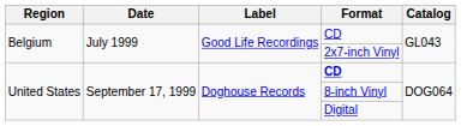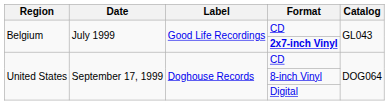 <table class="wikitable" summary="As Friends Rust has been released several times since 1999 across a variety of media and markets">
 <tr>
 <th scope="col">Region</th>
 <th scope="col">Date</th>
 <th scope="col">Label</th>
 <th scope="col">Format</th>
 <th scope="col">Catalog</th>
 </tr>
 <tr>
 <td rowspan="2">Belgium</td>
 <td rowspan="2">July 1999</td>
 <td rowspan="2"><a href='#'>Good Life Recordings</a></td>
 <td><a href='#'>CD</a></td>
 <td rowspan="2">GL043</td>
 </tr>
 <tr>
-<td><a href='#'>2x7-inch Vinyl</a></td>
+<td><strong><a href='#'>2x7-inch Vinyl</a></strong></td>
 </tr>
 <tr>
 <td rowspan="3">United States</td>
 <td rowspan="3">September 17, 1999</td>
 <td rowspan="3"><a href='#'>Doghouse Records</a></td>
-<td><strong><a href='#'>CD</a></strong></td>
+<td><a href='#'>CD</a></td>
 <td rowspan="3">DOG064</td>
 </tr>
 <tr>
 <td><a href='#'>8-inch Vinyl</a></td>
 </tr>
 <tr>
 <td><a href='#'>Digital</a></td>
 </tr>
 </table>
